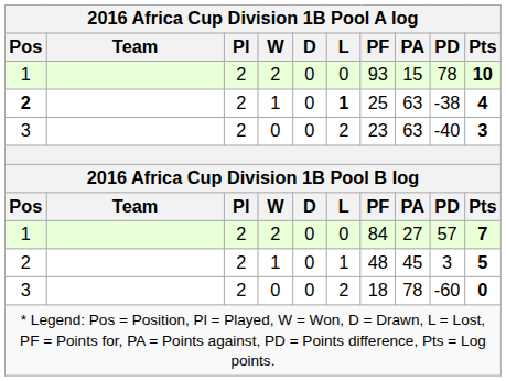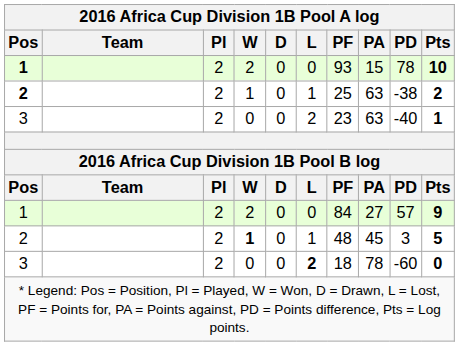 <table class="wikitable" style="text-align:center; line-height:110%; font-size:100%; width:50%;">
 <tr>
 <th colspan="100%" cellpadding="0" cellspacing="0"><strong>2016 Africa Cup Division 1B Pool A log</strong></th>
 </tr>
 <tr>
 <th style="width:7%;">Pos</th>
 <th style="width:37%;">Team</th>
 <th style="width:7%;">Pl</th>
 <th style="width:7%;">W</th>
 <th style="width:7%;">D</th>
 <th style="width:7%;">L</th>
 <th style="width:7%;">PF</th>
 <th style="width:7%;">PA</th>
 <th style="width:7%;">PD</th>
 <th style="width:7%;">Pts<br></th>
 </tr>
 <tr bgcolor=#E8FFD8>
-<td>1</td>
+<td><strong>1</strong></td>
 <td align=left></td>
 <td>2</td>
 <td>2</td>
 <td>0</td>
 <td>0</td>
 <td>93</td>
 <td>15</td>
 <td>78</td>
 <td><strong>10</strong></td>
 </tr>
 <tr bgcolor=#FFFFFF>
 <td><strong>2</strong></td>
 <td align=left></td>
 <td>2</td>
 <td>1</td>
 <td>0</td>
-<td><strong>1</strong></td>
+<td>1</td>
 <td>25</td>
 <td>63</td>
 <td>-38</td>
-<td><strong>4</strong></td>
+<td><strong>2</strong></td>
 </tr>
 <tr bgcolor=#FFFFFF>
 <td>3</td>
 <td align=left></td>
 <td>2</td>
 <td>0</td>
 <td>0</td>
 <td>2</td>
 <td>23</td>
 <td>63</td>
 <td>-40</td>
-<td><strong>3</strong></td>
+<td><strong>1</strong></td>
 </tr>
 <tr>
 <th colspan="100%" style="height:10px"></th>
 </tr>
 <tr>
 <th colspan="100%" cellpadding="0" cellspacing="0"><strong>2016 Africa Cup Division 1B Pool B log</strong></th>
 </tr>
 <tr>
 <th style="width:7%;">Pos</th>
 <th style="width:37%;">Team</th>
 <th style="width:7%;">Pl</th>
 <th style="width:7%;">W</th>
 <th style="width:7%;">D</th>
 <th style="width:7%;">L</th>
 <th style="width:7%;">PF</th>
 <th style="width:7%;">PA</th>
 <th style="width:7%;">PD</th>
 <th style="width:7%;">Pts<br></th>
 </tr>
 <tr bgcolor=#E8FFD8>
 <td>1</td>
 <td align=left></td>
 <td>2</td>
 <td>2</td>
 <td>0</td>
 <td>0</td>
 <td>84</td>
 <td>27</td>
 <td>57</td>
-<td><strong>7</strong></td>
+<td><strong>9</strong></td>
 </tr>
 <tr bgcolor=#FFFFFF>
 <td>2</td>
 <td align=left></td>
 <td>2</td>
-<td>1</td>
+<td><strong>1</strong></td>
 <td>0</td>
 <td>1</td>
 <td>48</td>
 <td>45</td>
 <td>3</td>
 <td><strong>5</strong></td>
 </tr>
 <tr bgcolor=#FFFFFF>
 <td>3</td>
 <td align=left></td>
 <td>2</td>
 <td>0</td>
 <td>0</td>
-<td>2</td>
+<td><strong>2</strong></td>
 <td>18</td>
 <td>78</td>
 <td>-60</td>
 <td><strong>0</strong></td>
 </tr>
 <tr>
 <td colspan="100%" style="border:0px"><small>* Legend: Pos = Position, Pl = Played, W = Won, D = Drawn, L = Lost, PF = Points for, PA = Points against, PD = Points difference, Pts = Log points.</small></td>
 </tr>
 </table>
